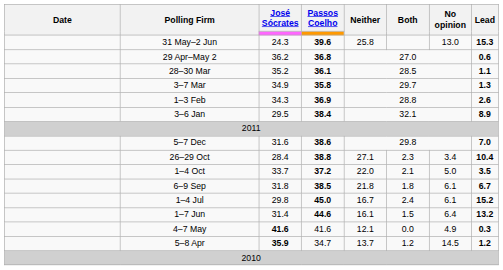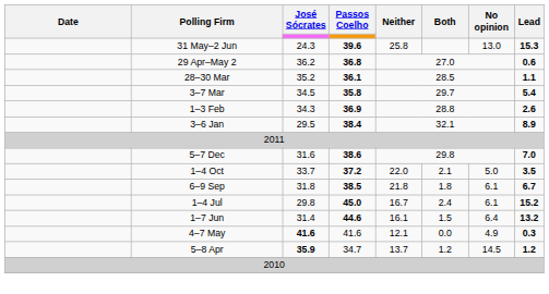 <table class="wikitable" style="text-align:center; font-size:85%; line-height:16px;">
 <tr style="height:42px;">
 <th style="width:175px;" rowspan="2">Date</th>
 <th style="width:210px;" rowspan="2">Polling Firm</th>
 <th><a href='#'>José<br>Sócrates</a></th>
 <th><a href='#'>Passos<br>Coelho</a></th>
 <th style="width:60px;" rowspan="2">Neither</th>
 <th style="width:60px;" rowspan="2">Both</th>
 <th style="width:60px;" rowspan="2">No<br>opinion</th>
 <th style="width:35px;" rowspan="2">Lead</th>
 </tr>
 <tr>
 <th style="color:inherit;background:#FF66FF; width:60px;"></th>
 <th style="color:inherit;background:#FF9900; width:60px;"></th>
 </tr>
 <tr>
 <td></td>
 <td>31 May–2 Jun</td>
 <td>24.3</td>
 <td><strong>39.6</strong></td>
 <td>25.8</td>
 <td></td>
 <td>13.0</td>
 <td style="background:"><strong>15.3</strong></td>
 </tr>
 <tr>
 <td></td>
 <td>29 Apr–May 2</td>
 <td>36.2</td>
 <td><strong>36.8</strong></td>
 <td colspan="3">27.0</td>
 <td style="background:"><strong>0.6</strong></td>
 </tr>
 <tr>
 <td></td>
 <td>28–30 Mar</td>
 <td>35.2</td>
 <td><strong>36.1</strong></td>
 <td colspan="3">28.5</td>
 <td style="background:"><strong>1.1</strong></td>
 </tr>
 <tr>
 <td></td>
 <td>3–7 Mar</td>
-<td>34.9</td>
+<td>34.5</td>
 <td><strong>35.8</strong></td>
 <td colspan="3">29.7</td>
-<td style="background:"><strong>1.3</strong></td>
+<td style="background:"><strong>5.4</strong></td>
 </tr>
 <tr>
 <td></td>
 <td>1–3 Feb</td>
 <td>34.3</td>
 <td><strong>36.9</strong></td>
 <td colspan="3">28.8</td>
 <td style="background:"><strong>2.6</strong></td>
 </tr>
 <tr>
 <td></td>
 <td>3–6 Jan</td>
 <td>29.5</td>
 <td><strong>38.4</strong></td>
 <td colspan="3">32.1</td>
 <td style="background:"><strong>8.9</strong></td>
 </tr>
 <tr>
 <td colspan="8" style="background:#D0D0D0; color:black">2011</td>
 </tr>
 <tr>
 <td></td>
 <td>5–7 Dec</td>
 <td>31.6</td>
 <td><strong>38.6</strong></td>
 <td colspan="3">29.8</td>
 <td style="background:"><strong>7.0</strong></td>
-</tr>
-<tr>
-<td></td>
-<td>26–29 Oct</td>
-<td>28.4</td>
-<td><strong>38.8</strong></td>
-<td>27.1</td>
-<td>2.3</td>
-<td>3.4</td>
-<td style="background:"><strong>10.4</strong></td>
 </tr>
 <tr>
 <td></td>
 <td>1–4 Oct</td>
 <td>33.7</td>
 <td><strong>37.2</strong></td>
 <td>22.0</td>
 <td>2.1</td>
 <td>5.0</td>
 <td style="background:"><strong>3.5</strong></td>
 </tr>
 <tr>
 <td></td>
 <td>6–9 Sep</td>
 <td>31.8</td>
 <td><strong>38.5</strong></td>
 <td>21.8</td>
 <td>1.8</td>
 <td>6.1</td>
 <td style="background:"><strong>6.7</strong></td>
 </tr>
 <tr>
 <td></td>
 <td>1–4 Jul</td>
 <td>29.8</td>
 <td><strong>45.0</strong></td>
 <td>16.7</td>
 <td>2.4</td>
 <td>6.1</td>
 <td style="background:"><strong>15.2</strong></td>
 </tr>
 <tr>
 <td></td>
 <td>1–7 Jun</td>
 <td>31.4</td>
 <td><strong>44.6</strong></td>
 <td>16.1</td>
 <td>1.5</td>
 <td>6.4</td>
 <td style="background:"><strong>13.2</strong></td>
 </tr>
 <tr>
 <td></td>
 <td>4–7 May</td>
 <td><strong>41.6</strong></td>
 <td>41.6</td>
 <td>12.1</td>
 <td>0.0</td>
 <td>4.9</td>
 <td style="background:"><strong>0.3</strong></td>
 </tr>
 <tr>
 <td></td>
 <td>5–8 Apr</td>
 <td><strong>35.9</strong></td>
 <td>34.7</td>
 <td>13.7</td>
 <td>1.2</td>
 <td>14.5</td>
 <td style="background:"><strong>1.2</strong></td>
 </tr>
 <tr>
 <td colspan="8" style="background:#D0D0D0; color:black">2010</td>
 </tr>
 </table>
